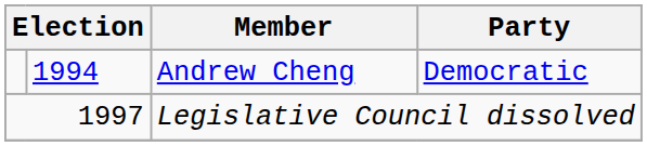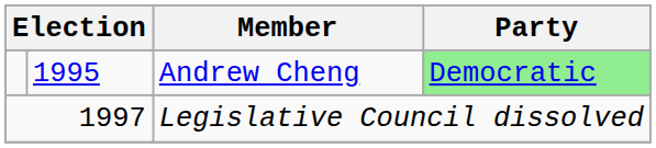 <table class="wikitable">
 <tr>
 <th colspan="2">Election</th>
 <th>Member</th>
 <th>Party</th>
 </tr>
 <tr>
 <td style="background-color: "></td>
-<td><a href='#'>1994</a></td>
+<td><a href='#'>1995</a></td>
 <td><a href='#'>Andrew Cheng</a></td>
-<td><a href='#'>Democratic</a></td>
+<td style="background: lightgreen;"><a href='#'>Democratic</a></td>
 </tr>
 <tr>
 <td colspan=2 align=right>1997</td>
 <td colspan=2><em>Legislative Council dissolved</em></td>
 </tr>
 <tr>
 </tr>
 </table>
